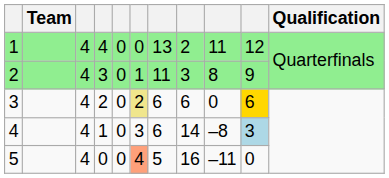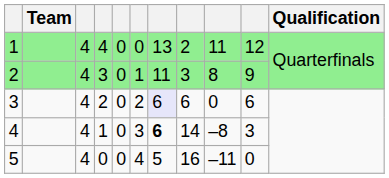 <table class="wikitable">
 <tr>
 <th></th>
 <th>Team</th>
 <th></th>
 <th></th>
 <th></th>
 <th></th>
 <th></th>
 <th></th>
 <th></th>
 <th></th>
 <th>Qualification</th>
 </tr>
 <tr bgcolor=lightgreen>
 <td>1</td>
 <td></td>
 <td>4</td>
 <td>4</td>
 <td>0</td>
 <td>0</td>
 <td>13</td>
 <td>2</td>
 <td>11</td>
 <td>12</td>
 <td rowspan=2>Quarterfinals</td>
 </tr>
 <tr bgcolor=lightgreen>
 <td>2</td>
 <td></td>
 <td>4</td>
 <td>3</td>
 <td>0</td>
 <td>1</td>
 <td>11</td>
 <td>3</td>
 <td>8</td>
 <td>9</td>
 </tr>
 <tr>
 <td>3</td>
 <td></td>
 <td>4</td>
 <td>2</td>
 <td>0</td>
-<td style="background: khaki;">2</td>
-<td>6</td>
+<td>2</td>
+<td style="background: lavender;">6</td>
 <td>6</td>
 <td>0</td>
-<td style="background: gold;">6</td>
+<td>6</td>
 </tr>
 <tr>
 <td>4</td>
 <td></td>
 <td>4</td>
 <td>1</td>
 <td>0</td>
 <td>3</td>
-<td>6</td>
+<td><strong>6</strong></td>
 <td>14</td>
 <td>–8</td>
-<td style="background: lightblue;">3</td>
+<td>3</td>
 </tr>
 <tr>
 <td>5</td>
 <td></td>
 <td>4</td>
 <td>0</td>
 <td>0</td>
-<td style="background: lightsalmon;">4</td>
+<td>4</td>
 <td>5</td>
 <td>16</td>
 <td>–11</td>
 <td>0</td>
 </tr>
 </table>
